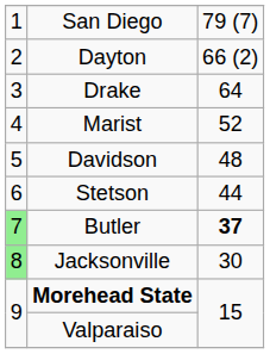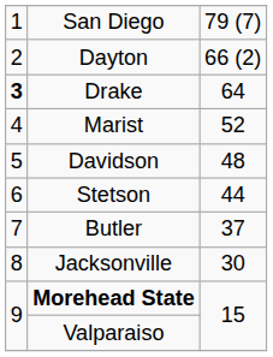 <table class="wikitable">
 <tr align="center">
 </tr>
 <tr align="center">
 <td>1</td>
 <td>San Diego</td>
 <td>79 (7)</td>
 </tr>
 <tr align="center">
 <td>2</td>
 <td>Dayton</td>
 <td>66 (2)</td>
 </tr>
 <tr align="center">
-<td>3</td>
+<td><strong>3</strong></td>
 <td>Drake</td>
 <td>64</td>
 </tr>
 <tr align="center">
 <td>4</td>
 <td>Marist</td>
 <td>52</td>
 </tr>
 <tr align="center">
 <td>5</td>
 <td>Davidson</td>
 <td>48</td>
 </tr>
 <tr align="center">
 <td>6</td>
 <td>Stetson</td>
 <td>44</td>
 </tr>
 <tr align="center">
-<td style="background: lightgreen;">7</td>
+<td>7</td>
 <td>Butler</td>
-<td><strong>37</strong></td>
+<td>37</td>
 </tr>
 <tr align="center">
-<td style="background: lightgreen;">8</td>
+<td>8</td>
 <td>Jacksonville</td>
 <td>30</td>
 </tr>
 <tr align="center">
 <td rowspan=2>9</td>
 <td><strong>Morehead State</strong></td>
 <td rowspan=2>15</td>
 </tr>
 <tr align="center">
 <td>Valparaiso</td>
 </tr>
 <tr>
 </tr>
 </table>
